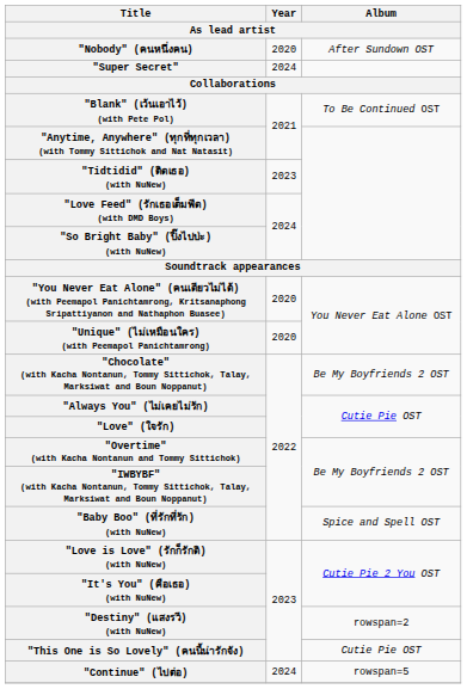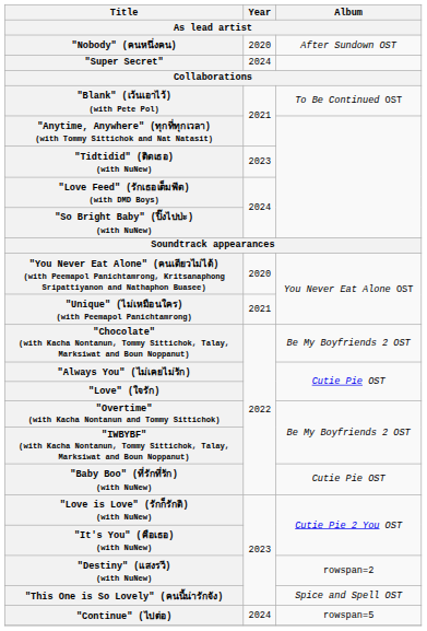 <table class="wikitable plainrowheaders" style="text-align:center">
 <tr>
 <th scope="col" style="width:25em;">Title</th>
 <th style="width:3em;">Year</th>
 <th style="width:15em;">Album</th>
 </tr>
 <tr>
 <th colspan="6">As lead artist</th>
 </tr>
 <tr>
 <th scope="row">"Nobody" (คนหนึ่งคน)</th>
 <td>2020</td>
 <td><em>After Sundown OST</em></td>
 </tr>
 <tr>
 <th scope="row">"Super Secret"</th>
 <td>2024</td>
 </tr>
 <tr>
 <th colspan="7">Collaborations</th>
 </tr>
 <tr>
 <th scope="row">"Blank" (เว้นเอาไว้)<br><small>(with Pete Pol)</small></th>
 <td rowspan=2>2021</td>
 <td><em>To Be Continued</em> OST</td>
 </tr>
 <tr>
 <th scope="row">"Anytime, Anywhere" (ทุกที่ทุกเวลา)<br><small>(with Tommy Sittichok and Nat Natasit)</small></th>
 </tr>
 <tr>
 <th scope="row">"Tidtidid" (ติดเธอ)<br><small>(with NuNew)</small></th>
 <td>2023</td>
 </tr>
 <tr>
 <th scope="row">"Love Feed" (รักเธอเต็มฟีด)<br><small>(with DMD Boys)</small></th>
 <td rowspan=2>2024</td>
 </tr>
 <tr>
 <th scope="row">"So Bright Baby" (ปิ๊งไปป่ะ)<br><small>(with NuNew)</small></th>
 </tr>
 <tr>
 <th colspan="6">Soundtrack appearances</th>
 </tr>
 <tr>
 <th scope="row">"You Never Eat Alone" (คนเดียวไม่ได้)<br><small>(with Peemapol Panichtamrong, Kritsanaphong Sripattiyanon and Nathaphon Buasee)</small></th>
 <td>2020</td>
 <td rowspan=2><em>You Never Eat Alone</em> OST</td>
 </tr>
 <tr>
 <th scope="row">"Unique" (ไม่เหมือนใคร)<br><small>(with Peemapol Panichtamrong)</small></th>
-<td>2020</td>
+<td>2021</td>
 </tr>
 <tr>
 <th scope="row">"Chocolate"<br><small>(with Kacha Nontanun, Tommy Sittichok, Talay, Marksiwat and Boun Noppanut)</small></th>
 <td rowspan=6>2022</td>
 <td><em>Be My Boyfriends 2 OST</em></td>
 </tr>
 <tr>
 <th scope="row">"Always You" (ไม่เคยไม่รัก)</th>
 <td rowspan=2><em><a href='#'>Cutie Pie</a> OST</em></td>
 </tr>
 <tr>
 <th scope="row">"Love" (ใจรัก)</th>
 </tr>
 <tr>
 <th scope="row">"Overtime"<br><small>(with Kacha Nontanun and Tommy Sittichok)</small></th>
 <td rowspan="2"><em>Be My Boyfriends 2 OST</em></td>
 </tr>
 <tr>
 <th scope="row">"IWBYBF"<br><small>(with Kacha Nontanun, Tommy Sittichok, Talay, Marksiwat and Boun Noppanut)</small></th>
 </tr>
 <tr>
 <th scope="row">"Baby Boo" (ที่รักที่รัก)<br><small>(with NuNew)</small></th>
-<td><em>Spice and Spell OST</em></td>
+<td><em>Cutie Pie OST</em></td>
 </tr>
 <tr>
 <th scope="row">"Love is Love" (รักก็รักดิ)<br><small>(with NuNew)</small></th>
 <td rowspan="4">2023</td>
 <td rowspan=2><em><a href='#'>Cutie Pie 2 You</a> OST</em></td>
 </tr>
 <tr>
 <th scope="row">"It's You" (คือเธอ)<br><small>(with NuNew)</small></th>
 </tr>
 <tr>
 <th scope="row">"Destiny" (แสงรวี)<br><small>(with NuNew)</small></th>
 <td>rowspan=2 </td>
 </tr>
 <tr>
 <th scope="row">"This One is So Lovely" (คนนี้น่ารักจัง)</th>
-<td><em>Cutie Pie OST</em></td>
+<td><em>Spice and Spell OST</em></td>
 </tr>
 <tr>
 <th scope="row">"Continue" (ไปต่อ)</th>
 <td>2024</td>
 <td>rowspan=5 </td>
 </tr>
 <tr>
 </tr>
 </table>
